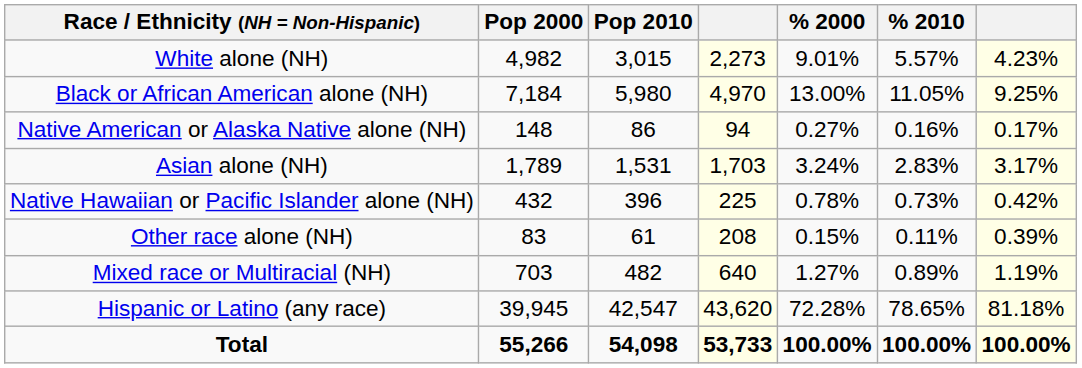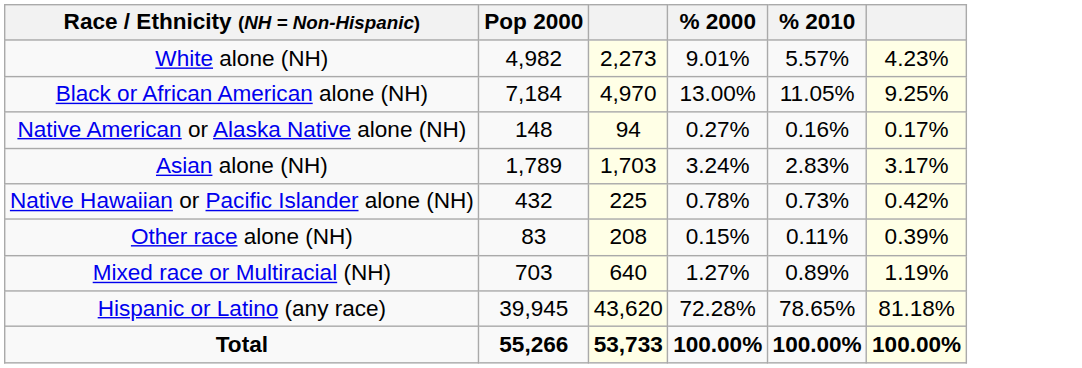 <table class="wikitable" style="text-align:center;">
 <tr>
 <th>Race / Ethnicity <small>(<em>NH = Non-Hispanic</em>)</small></th>
 <th>Pop 2000</th>
-<th>Pop 2010</th>
 <th></th>
 <th>% 2000</th>
 <th>% 2010</th>
 <th></th>
 </tr>
 <tr>
 <td><a href='#'>White</a> alone (NH)</td>
 <td>4,982</td>
-<td>3,015</td>
 <td style='background: #ffffe6;'>2,273</td>
 <td>9.01%</td>
 <td>5.57%</td>
 <td style='background: #ffffe6;'>4.23%</td>
 </tr>
 <tr>
 <td><a href='#'>Black or African American</a> alone (NH)</td>
 <td>7,184</td>
-<td>5,980</td>
 <td style='background: #ffffe6;'>4,970</td>
 <td>13.00%</td>
 <td>11.05%</td>
 <td style='background: #ffffe6;'>9.25%</td>
 </tr>
 <tr>
 <td><a href='#'>Native American</a> or <a href='#'>Alaska Native</a> alone (NH)</td>
 <td>148</td>
-<td>86</td>
 <td style='background: #ffffe6;'>94</td>
 <td>0.27%</td>
 <td>0.16%</td>
 <td style='background: #ffffe6;'>0.17%</td>
 </tr>
 <tr>
 <td><a href='#'>Asian</a> alone (NH)</td>
 <td>1,789</td>
-<td>1,531</td>
 <td style='background: #ffffe6;'>1,703</td>
 <td>3.24%</td>
 <td>2.83%</td>
 <td style='background: #ffffe6;'>3.17%</td>
 </tr>
 <tr>
 <td><a href='#'>Native Hawaiian</a> or <a href='#'>Pacific Islander</a> alone (NH)</td>
 <td>432</td>
-<td>396</td>
 <td style='background: #ffffe6;'>225</td>
 <td>0.78%</td>
 <td>0.73%</td>
 <td style='background: #ffffe6;'>0.42%</td>
 </tr>
 <tr>
 <td><a href='#'>Other race</a> alone (NH)</td>
 <td>83</td>
-<td>61</td>
 <td style='background: #ffffe6;'>208</td>
 <td>0.15%</td>
 <td>0.11%</td>
 <td style='background: #ffffe6;'>0.39%</td>
 </tr>
 <tr>
 <td><a href='#'>Mixed race or Multiracial</a> (NH)</td>
 <td>703</td>
-<td>482</td>
 <td style='background: #ffffe6;'>640</td>
 <td>1.27%</td>
 <td>0.89%</td>
 <td style='background: #ffffe6;'>1.19%</td>
 </tr>
 <tr>
 <td><a href='#'>Hispanic or Latino</a> (any race)</td>
 <td>39,945</td>
-<td>42,547</td>
 <td style='background: #ffffe6;'>43,620</td>
 <td>72.28%</td>
 <td>78.65%</td>
 <td style='background: #ffffe6;'>81.18%</td>
 </tr>
 <tr>
 <td><strong>Total</strong></td>
 <td><strong>55,266</strong></td>
-<td><strong>54,098</strong></td>
 <td style='background: #ffffe6;'><strong>53,733</strong></td>
 <td><strong>100.00%</strong></td>
 <td><strong>100.00%</strong></td>
 <td style='background: #ffffe6;'><strong>100.00%</strong></td>
 </tr>
 </table>
